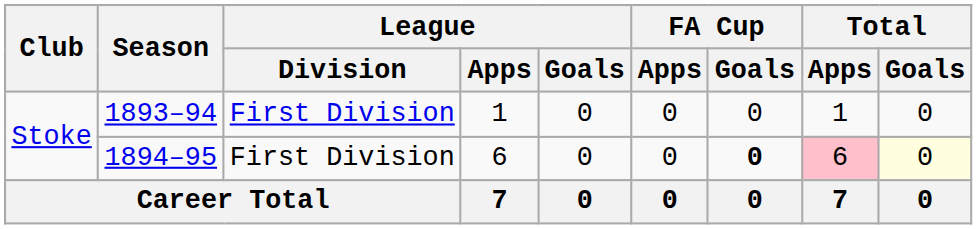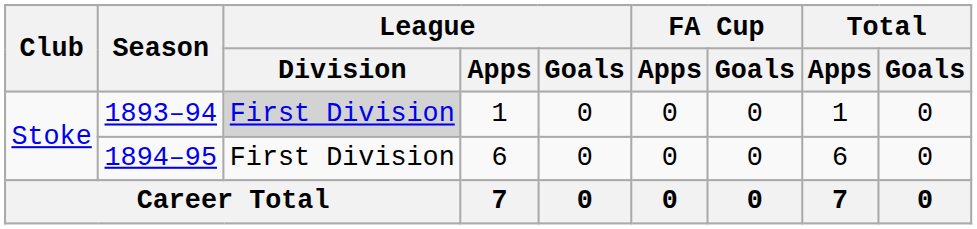 <table class="wikitable" style="text-align: center;">
 <tr>
 <th rowspan="2">Club</th>
 <th rowspan="2">Season</th>
 <th colspan="3">League</th>
 <th colspan="2">FA Cup</th>
 <th colspan="2">Total</th>
 </tr>
 <tr>
 <th>Division</th>
 <th>Apps</th>
 <th>Goals</th>
 <th>Apps</th>
 <th>Goals</th>
 <th>Apps</th>
 <th>Goals</th>
 </tr>
 <tr>
 <td rowspan="2"><a href='#'>Stoke</a></td>
 <td><a href='#'>1893–94</a></td>
-<td><a href='#'>First Division</a></td>
+<td style="background: lightgrey;"><a href='#'>First Division</a></td>
 <td>1</td>
 <td>0</td>
 <td>0</td>
 <td>0</td>
 <td>1</td>
 <td>0</td>
 </tr>
 <tr>
 <td><a href='#'>1894–95</a></td>
 <td>First Division</td>
 <td>6</td>
 <td>0</td>
 <td>0</td>
-<td><strong>0</strong></td>
-<td style="background: pink;">6</td>
-<td style="background: lightyellow;">0</td>
+<td>0</td>
+<td>6</td>
+<td>0</td>
 </tr>
 <tr>
 <th colspan="3">Career Total</th>
 <th>7</th>
 <th>0</th>
 <th>0</th>
 <th>0</th>
 <th>7</th>
 <th>0</th>
 </tr>
 </table>
